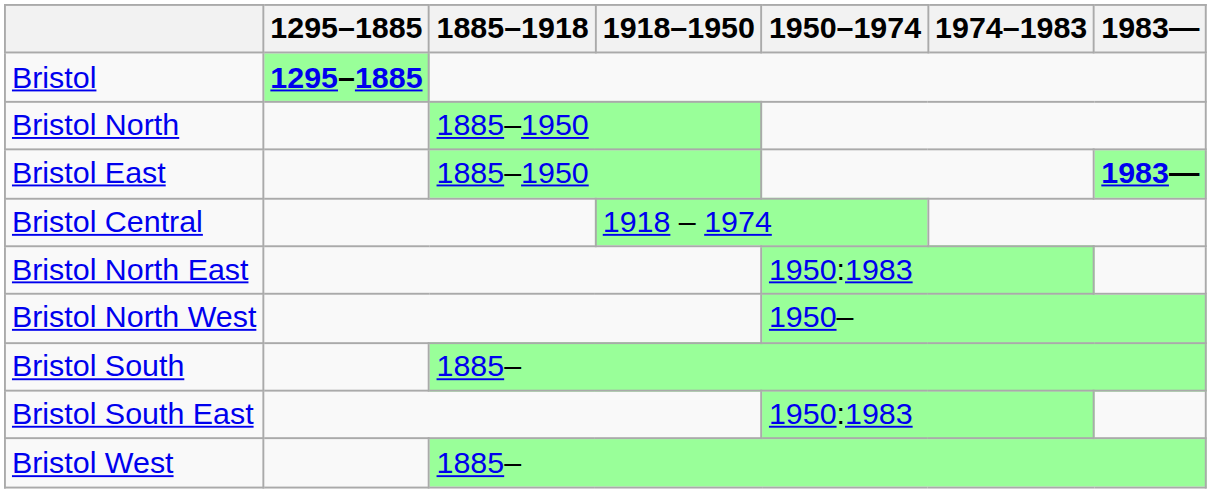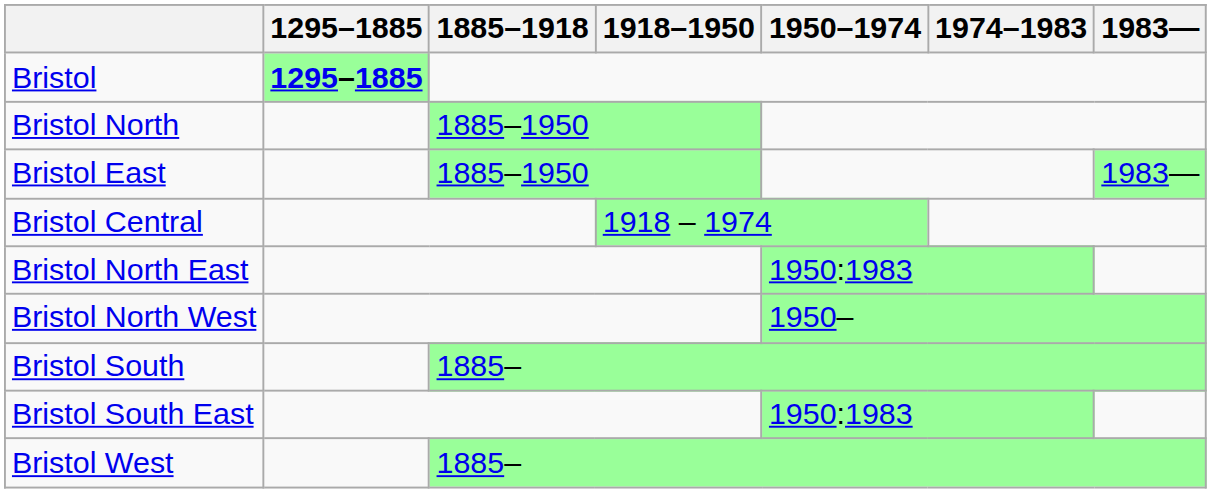 <table class="wikitable">
 <tr>
 <th> </th>
 <th>1295–1885</th>
 <th>1885–1918</th>
 <th>1918–1950</th>
 <th>1950–1974</th>
 <th>1974–1983</th>
 <th>1983—</th>
 </tr>
 <tr>
 <td><a href='#'>Bristol</a></td>
 <td colspan="1" bgcolor="#99FF99"><strong><a href='#'>1295</a>–<a href='#'>1885</a></strong></td>
 <td colspan="5"> </td>
 </tr>
 <tr>
 <td><a href='#'>Bristol North</a></td>
 <td colspan="1"> </td>
 <td colspan="2" bgcolor="#99FF99"><a href='#'>1885</a>–<a href='#'>1950</a></td>
 <td colspan="3"> </td>
 </tr>
 <tr>
 <td><a href='#'>Bristol East</a></td>
 <td colspan="1"> </td>
 <td colspan="2" bgcolor="#99FF99"><a href='#'>1885</a>–<a href='#'>1950</a></td>
 <td colspan="2"> </td>
-<td colspan="1" bgcolor="#99FF99"><strong><a href='#'>1983</a>—</strong></td>
+<td colspan="1" bgcolor="#99FF99"><a href='#'>1983</a>—</td>
 </tr>
 <tr>
 <td><a href='#'>Bristol Central</a></td>
 <td colspan="2"> </td>
 <td colspan="2" bgcolor="#99FF99"><a href='#'>1918</a> – <a href='#'>1974</a></td>
 <td colspan="3"> </td>
 </tr>
 <tr>
 <td><a href='#'>Bristol North East</a></td>
 <td colspan="3"> </td>
 <td colspan="2" bgcolor="#99FF99"><a href='#'>1950</a>:<a href='#'>1983</a></td>
 <td colspan="1"> </td>
 </tr>
 <tr>
 <td><a href='#'>Bristol North West</a></td>
 <td colspan="3"> </td>
 <td colspan="5" bgcolor="#99FF99"><a href='#'>1950</a>–</td>
 </tr>
 <tr>
 <td><a href='#'>Bristol South</a></td>
 <td colspan="1"> </td>
 <td colspan="5" bgcolor="#99FF99"><a href='#'>1885</a>–</td>
 </tr>
 <tr>
 <td><a href='#'>Bristol South East</a></td>
 <td colspan="3"> </td>
 <td colspan="2" bgcolor="#99FF99"><a href='#'>1950</a>:<a href='#'>1983</a></td>
 <td colspan="1"> </td>
 </tr>
 <tr>
 <td><a href='#'>Bristol West</a></td>
 <td colspan="1"> </td>
 <td colspan="5" bgcolor="#99FF99"><a href='#'>1885</a>–</td>
 </tr>
 </table>
